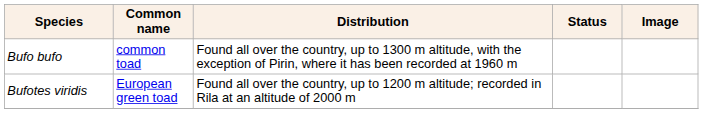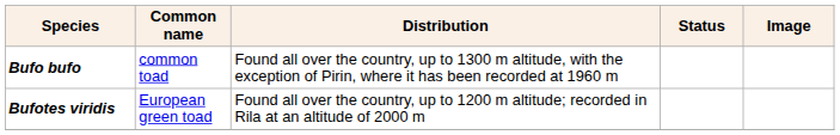 <table class="sortable wikitable plainrowheaders" border="0" style="background:#ffffff" align="top" class="sortable wikitable">
 <tr ->
 <th scope="col" style="background-color:Linen; color:Black" width=150 px>Species</th>
 <th scope="col" style="background-color:Linen; color:Black" width=100 px>Common name</th>
 <th scope="col" style="background:Linen; color:Black" width=550 px>Distribution</th>
 <th scope="col" style="background-color:Linen; color:Black" width=90 px>Status</th>
 <th scope="col" style="background:Linen; color:Black" width=100 px>Image</th>
 </tr>
 <tr>
-<td !scope="row" style="background:#ffffff"><em>Bufo bufo</em></td>
+<td !scope="row" style="background:#ffffff"><strong><em>Bufo bufo</em></strong></td>
 <td><a href='#'>common toad</a></td>
 <td>Found all over the country, up to 1300 m altitude, with the exception of Pirin, where it has been recorded at 1960 m</td>
 <td></td>
 <td></td>
 </tr>
 <tr>
-<td !scope="row" style="background:#ffffff"><em>Bufotes viridis</em></td>
+<td !scope="row" style="background:#ffffff"><strong><em>Bufotes viridis</em></strong></td>
 <td><a href='#'>European green toad</a></td>
 <td>Found all over the country, up to 1200 m altitude; recorded in Rila at an altitude of 2000 m</td>
 <td></td>
 <td></td>
 </tr>
 <tr>
 </tr>
 </table>
